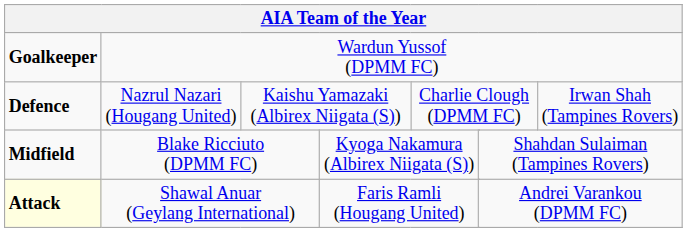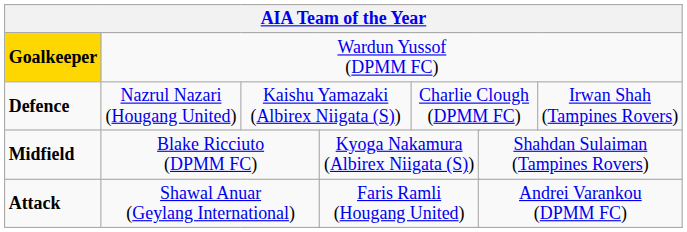 <table class="wikitable">
 <tr>
 <th colspan="13"><a href='#'>AIA Team of the Year</a></th>
 </tr>
 <tr>
-<td><strong>Goalkeeper</strong></td>
+<td style="background: gold;"><strong>Goalkeeper</strong></td>
 <td colspan="12" align="center"> <a href='#'>Wardun Yussof</a> <br> (<a href='#'>DPMM FC</a>)</td>
 </tr>
 <tr>
 <td><strong>Defence</strong></td>
 <td colspan="3" align="center"> <a href='#'>Nazrul Nazari</a> <br> (<a href='#'>Hougang United</a>)</td>
 <td colspan="3" align="center"> <a href='#'>Kaishu Yamazaki</a> <br> (<a href='#'>Albirex Niigata (S)</a>)</td>
 <td colspan="3" align="center"> <a href='#'>Charlie Clough</a> <br> (<a href='#'>DPMM FC</a>)</td>
 <td colspan="3" align="center"> <a href='#'>Irwan Shah</a> <br> (<a href='#'>Tampines Rovers</a>)</td>
 </tr>
 <tr>
 <td><strong>Midfield</strong></td>
 <td colspan="4" align="center"> <a href='#'>Blake Ricciuto</a> <br> (<a href='#'>DPMM FC</a>)</td>
 <td colspan="4" align="center"> <a href='#'>Kyoga Nakamura</a> <br> (<a href='#'>Albirex Niigata (S)</a>)</td>
 <td colspan="4" align="center"> <a href='#'>Shahdan Sulaiman</a> <br> (<a href='#'>Tampines Rovers</a>)</td>
 </tr>
 <tr>
-<td style="background: lightyellow;"><strong>Attack</strong></td>
+<td><strong>Attack</strong></td>
 <td colspan="4" align="center"> <a href='#'>Shawal Anuar</a> <br> (<a href='#'>Geylang International</a>)</td>
 <td colspan="4" align="center"> <a href='#'>Faris Ramli</a> <br> (<a href='#'>Hougang United</a>)</td>
 <td colspan="4" align="center"> <a href='#'>Andrei Varankou</a> <br> (<a href='#'>DPMM FC</a>)</td>
 </tr>
 </table>
